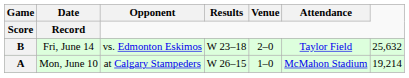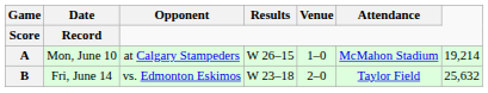 <table class="wikitable" style="text-align:center">
 <tr>
 <th>Game</th>
 <th>Date</th>
 <th>Opponent</th>
 <th>Results</th>
 <th>Venue</th>
 <th>Attendance</th>
 </tr>
 <tr>
 <th>Score</th>
 <th>Record</th>
 </tr>
 <tr style="background:#ddffdd">
+<th>A</th>
+<td>Mon, June 10</td>
+<td>at <a href='#'>Calgary Stampeders</a></td>
+<td>W 26–15</td>
+<td>1–0</td>
+<td><a href='#'>McMahon Stadium</a></td>
+<td>19,214</td>
+</tr>
+<tr style="background:#ddffdd">
 <th>B</th>
 <td>Fri, June 14</td>
 <td>vs. <a href='#'>Edmonton Eskimos</a></td>
 <td>W 23–18</td>
 <td>2–0</td>
 <td><a href='#'>Taylor Field</a></td>
 <td>25,632</td>
 </tr>
-<tr style="background:#ddffdd">
-<th>A</th>
-<td>Mon, June 10</td>
-<td>at <a href='#'>Calgary Stampeders</a></td>
-<td>W 26–15</td>
-<td>1–0</td>
-<td><a href='#'>McMahon Stadium</a></td>
-<td>19,214</td>
-</tr>
 </table>
